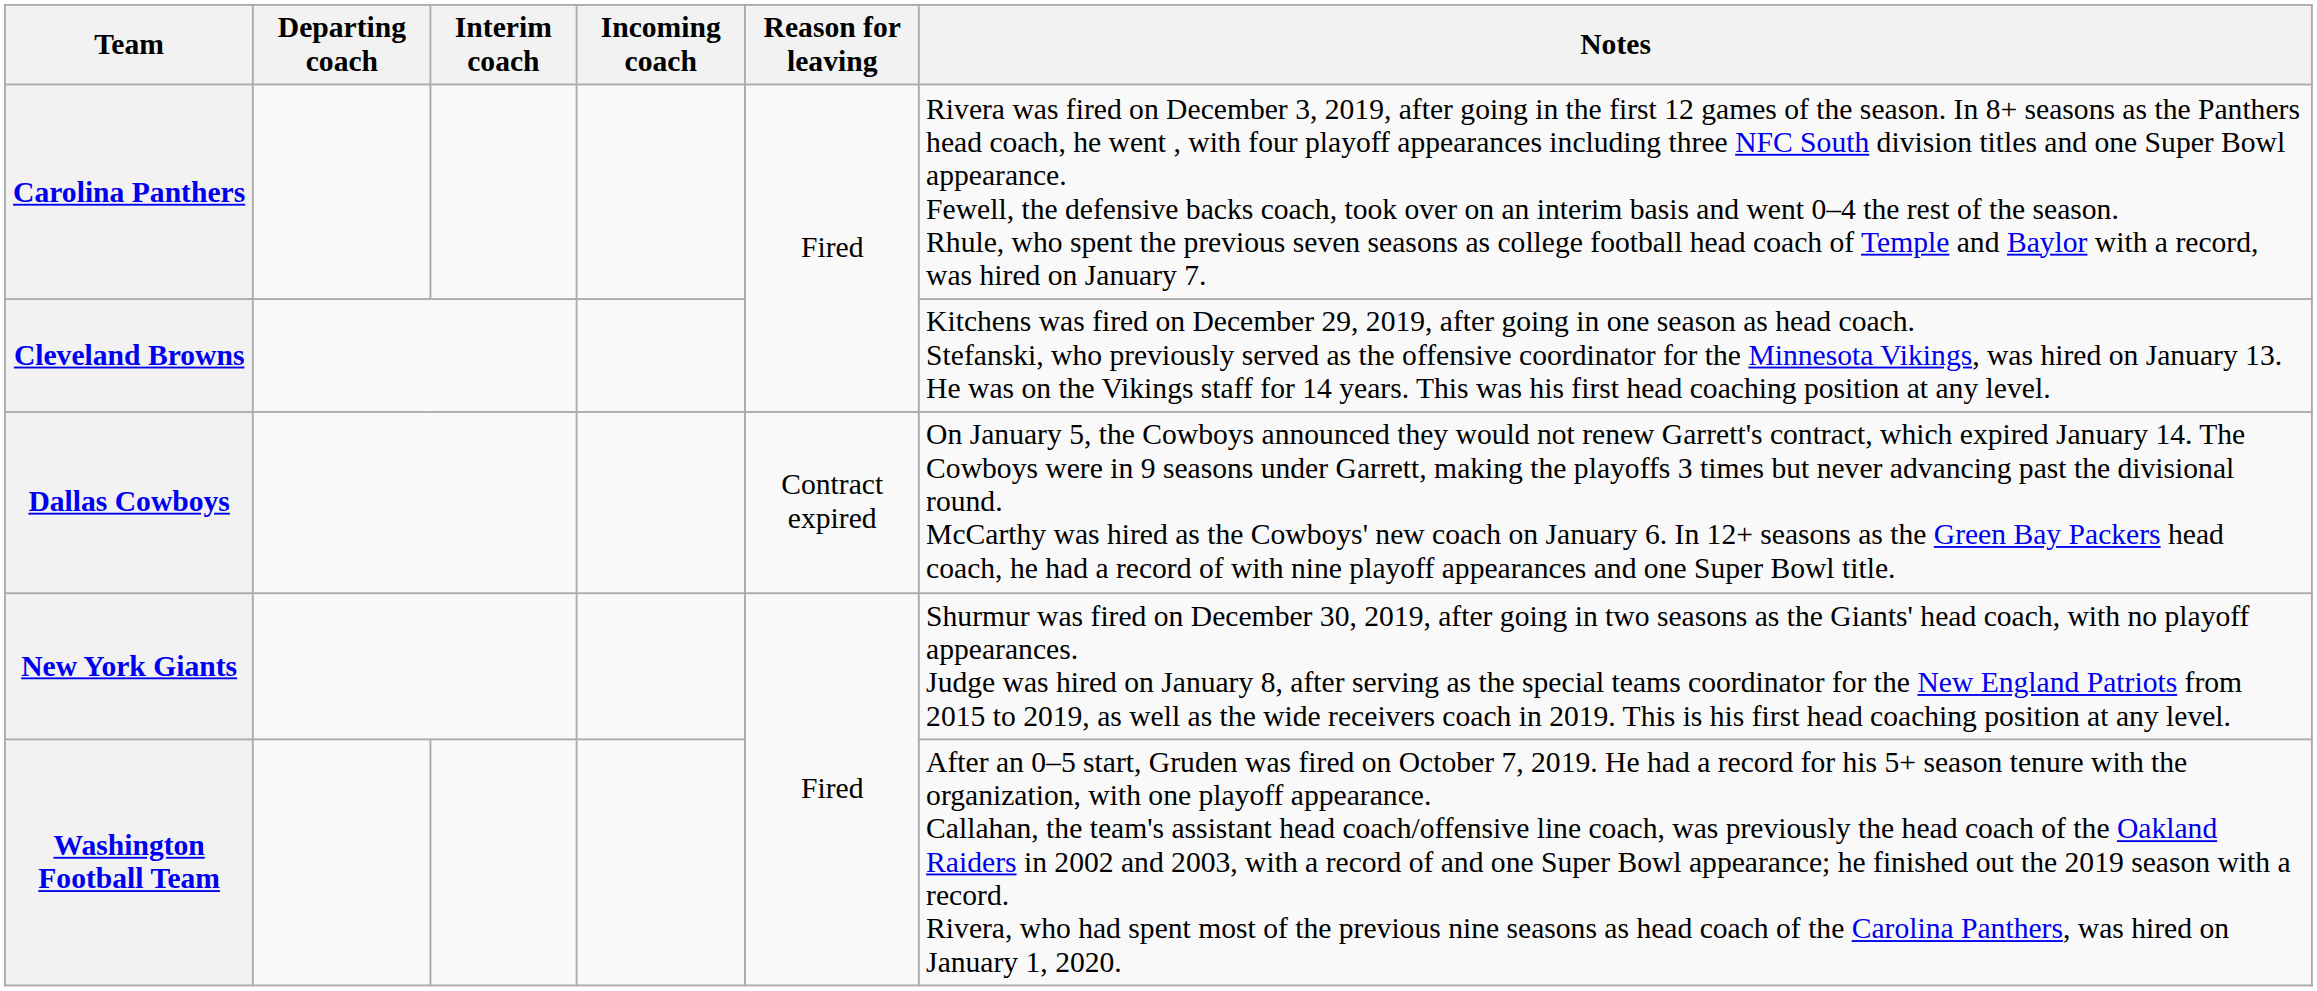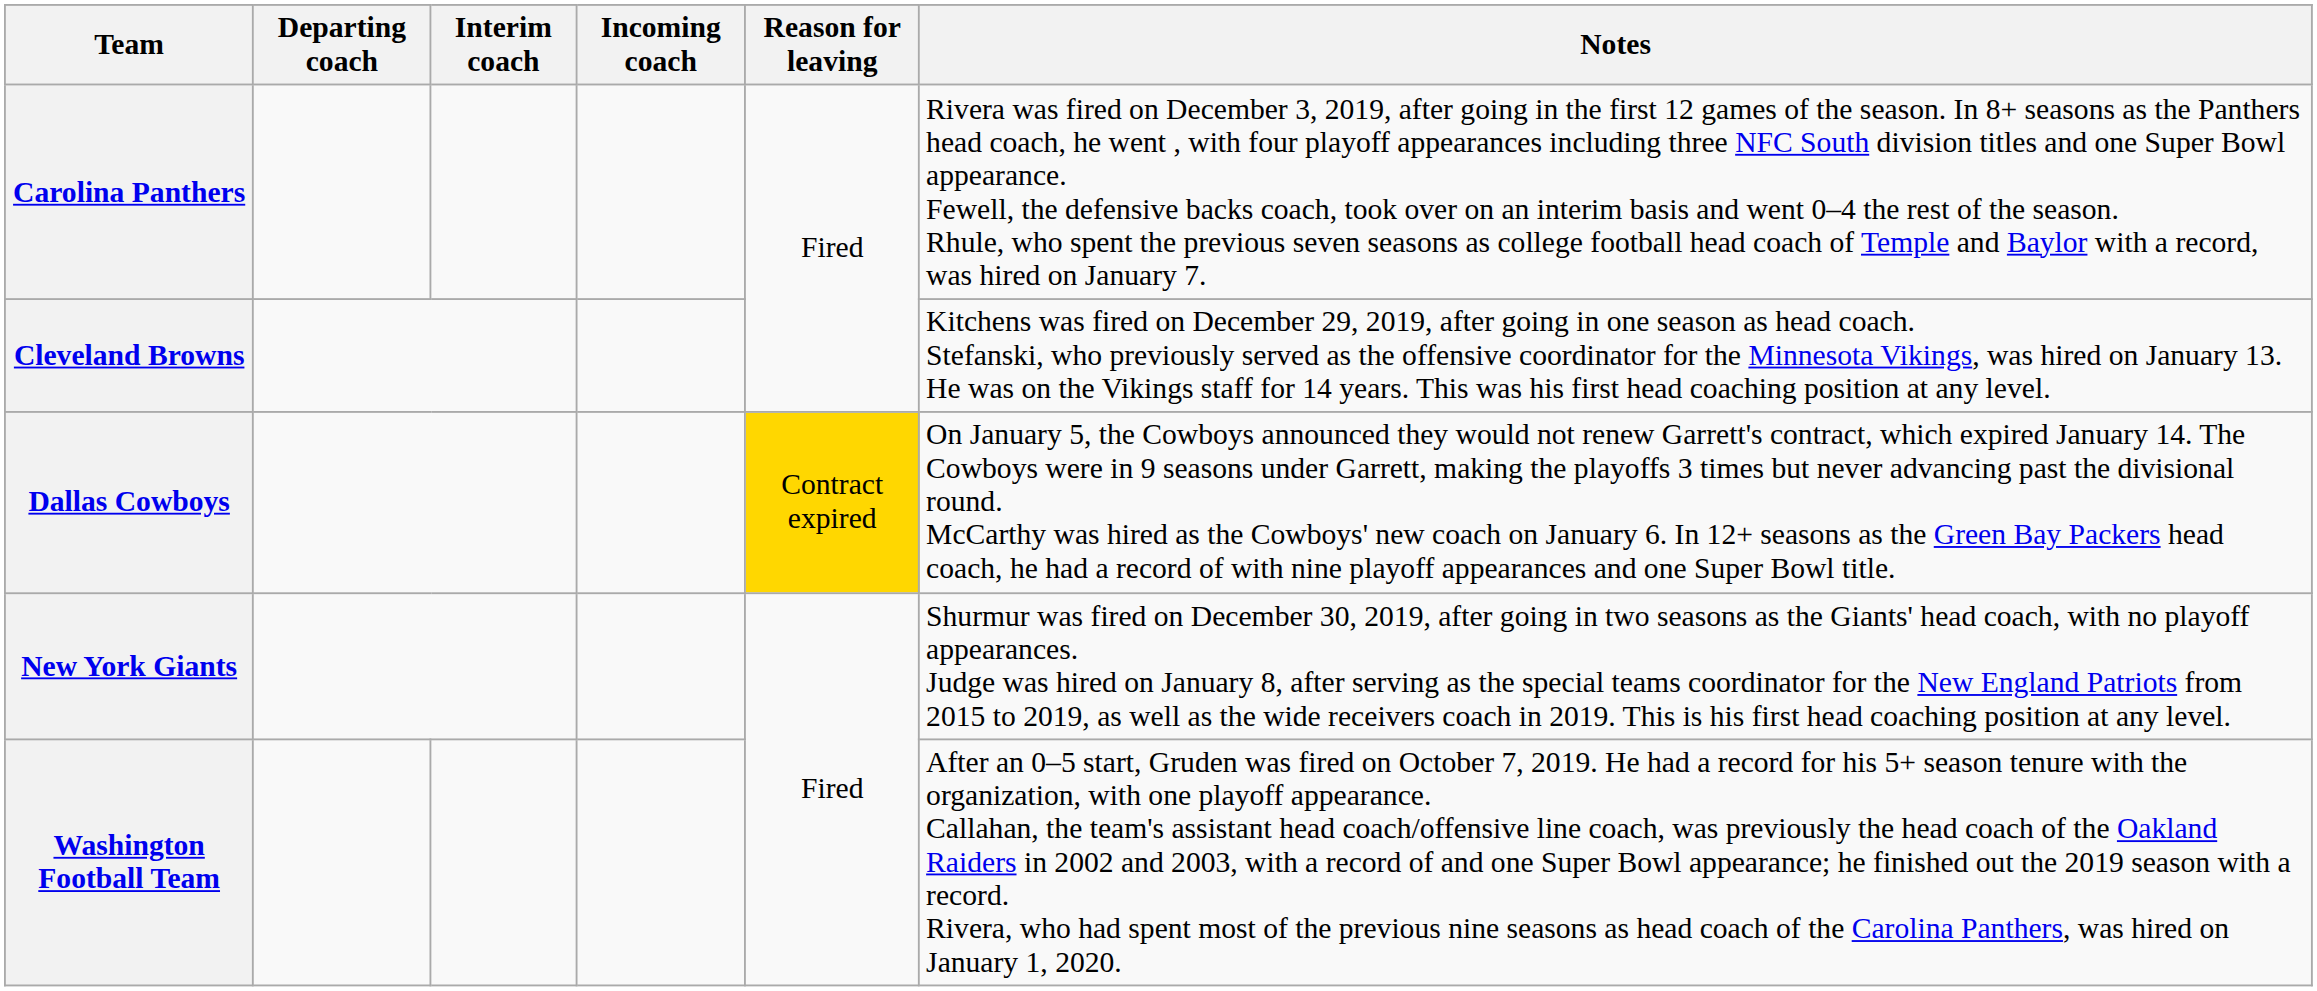 <table class="wikitable sortable plainrowheaders">
 <tr>
 <th scope="col">Team</th>
 <th scope="col">Departing coach</th>
 <th scope="col">Interim coach</th>
 <th scope="col">Incoming coach</th>
 <th scope="col" class="unsortable">Reason for leaving</th>
 <th scope="col">Notes</th>
 </tr>
 <tr>
 <th scope="row" style="text-align:center;"><a href='#'>Carolina Panthers</a></th>
 <td style="text-align:center;"></td>
 <td style="text-align:center;"></td>
 <td style="text-align:center;"></td>
 <td rowspan="2" style="text-align:center;">Fired</td>
 <td>Rivera was fired on December 3, 2019, after going  in the first 12 games of the season. In 8+ seasons as the Panthers head coach, he went , with four playoff appearances including three <a href='#'>NFC South</a> division titles and one Super Bowl appearance.<br>Fewell, the defensive backs coach, took over on an interim basis and went 0–4 the rest of the season.<br>Rhule, who spent the previous seven seasons as college football head coach of <a href='#'>Temple</a> and <a href='#'>Baylor</a> with a  record, was hired on January 7.</td>
 </tr>
 <tr>
 <th scope="row" style="text-align:center;"><a href='#'>Cleveland Browns</a></th>
 <td style="text-align:center;" colspan="2"></td>
 <td style="text-align:center;"></td>
 <td>Kitchens was fired on December 29, 2019, after going  in one season as head coach.<br>Stefanski, who previously served as the offensive coordinator for the <a href='#'>Minnesota Vikings</a>, was hired on January 13. He was on the Vikings staff for 14 years. This was his first head coaching position at any level.</td>
 </tr>
 <tr>
 <th scope="row" style="text-align:center;"><a href='#'>Dallas Cowboys</a></th>
 <td style="text-align:center;" colspan="2"></td>
 <td style="text-align:center;"></td>
-<td style="text-align:center;">Contract expired</td>
+<td style="background: gold; text-align:center;">Contract expired</td>
 <td>On January 5, the Cowboys announced they would not renew Garrett's contract, which expired January 14. The Cowboys were  in 9 seasons under Garrett, making the playoffs 3 times but never advancing past the divisional round.<br>McCarthy was hired as the Cowboys' new coach on January 6. In 12+ seasons as the <a href='#'>Green Bay Packers</a> head coach, he had a record of  with nine playoff appearances and one Super Bowl title.</td>
 </tr>
 <tr>
 <th scope="row" style="text-align:center;"><a href='#'>New York Giants</a></th>
 <td colspan="2" style="text-align:center;"></td>
 <td style="text-align:center;"></td>
 <td rowspan="2" style="text-align:center;">Fired</td>
 <td>Shurmur was fired on December 30, 2019, after going  in two seasons as the Giants' head coach, with no playoff appearances.<br>Judge was hired on January 8, after serving as the special teams coordinator for the <a href='#'>New England Patriots</a> from 2015 to 2019, as well as the wide receivers coach in 2019. This is his first head coaching position at any level.</td>
 </tr>
 <tr>
 <th scope="row" style="text-align:center;"><a href='#'>Washington Football Team</a></th>
 <td style="text-align:center;"></td>
 <td style="text-align:center;"></td>
 <td style="text-align:center;"></td>
 <td>After an 0–5 start, Gruden was fired on October 7, 2019. He had a  record for his 5+ season tenure with the organization, with one playoff appearance.<br>Callahan, the team's assistant head coach/offensive line coach, was previously the head coach of the <a href='#'>Oakland Raiders</a> in 2002 and 2003, with a record of  and one Super Bowl appearance; he finished out the 2019 season with a  record.<br>Rivera, who had spent most of the previous nine seasons as head coach of the <a href='#'>Carolina Panthers</a>, was hired on January 1, 2020.</td>
 </tr>
 </table>
